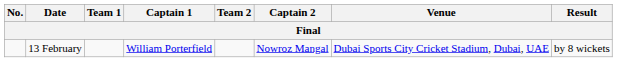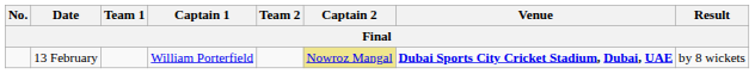 <table class="wikitable">
 <tr>
 <th>No.</th>
 <th>Date</th>
 <th>Team 1</th>
 <th>Captain 1</th>
 <th>Team 2</th>
 <th>Captain 2</th>
 <th>Venue</th>
 <th>Result</th>
 </tr>
 <tr>
 <th colspan="9">Final</th>
 </tr>
 <tr>
 <td></td>
 <td>13 February</td>
 <td></td>
 <td><a href='#'>William Porterfield</a></td>
 <td></td>
-<td><a href='#'>Nowroz Mangal</a></td>
-<td><a href='#'>Dubai Sports City Cricket Stadium</a>, <a href='#'>Dubai</a>, <a href='#'>UAE</a></td>
+<td style="background: khaki;"><a href='#'>Nowroz Mangal</a></td>
+<td><strong><a href='#'>Dubai Sports City Cricket Stadium</a>, <a href='#'>Dubai</a>, <a href='#'>UAE</a></strong></td>
 <td> by 8 wickets</td>
 </tr>
 </table>
